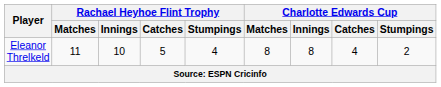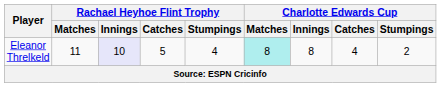 <table class="wikitable" style="text-align:center; width:55%;">
 <tr>
 <th rowspan=2>Player</th>
 <th colspan=4><a href='#'>Rachael Heyhoe Flint Trophy</a></th>
 <th colspan=4><a href='#'>Charlotte Edwards Cup</a></th>
 </tr>
 <tr>
 <th>Matches</th>
 <th>Innings</th>
 <th>Catches</th>
 <th>Stumpings</th>
 <th>Matches</th>
 <th>Innings</th>
 <th>Catches</th>
 <th>Stumpings</th>
 </tr>
 <tr>
 <td><a href='#'>Eleanor Threlkeld</a></td>
 <td>11</td>
-<td>10</td>
+<td style="background: lavender;">10</td>
 <td>5</td>
 <td>4</td>
-<td>8</td>
+<td style="background: paleturquoise;">8</td>
 <td>8</td>
 <td>4</td>
 <td>2</td>
 </tr>
 <tr>
 <th colspan="9"><small>Source: ESPN Cricinfo</small></th>
 </tr>
 </table>
